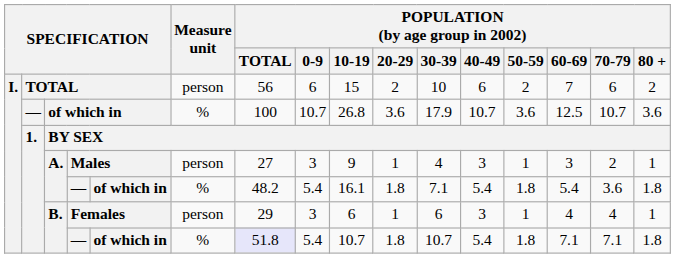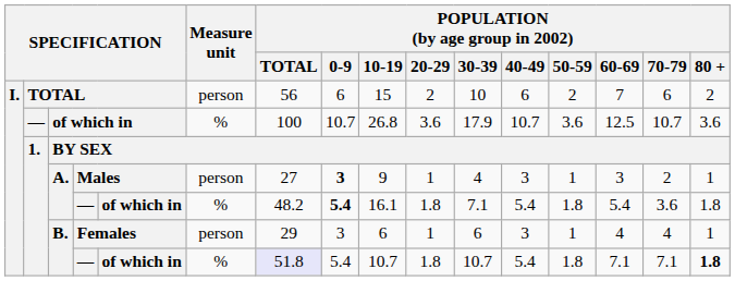 <table class="wikitable" style="font-size:85%; text-align:center">
 <tr>
 <th rowspan="2" colspan="5">SPECIFICATION</th>
 <th rowspan="2">Measure<br> unit</th>
 <th colspan="10" rowspan="1">POPULATION<br> (by age group in 2002)</th>
 </tr>
 <tr>
 <th>TOTAL</th>
 <th>0-9</th>
 <th>10-19</th>
 <th>20-29</th>
 <th>30-39</th>
 <th>40-49</th>
 <th>50-59</th>
 <th>60-69</th>
 <th>70-79</th>
 <th>80 +</th>
 </tr>
 <tr>
 <th style="text-align:left" valign="top" rowspan="7">I.</th>
 <th style="text-align:left" colspan="4">TOTAL</th>
 <td>person</td>
 <td>56</td>
 <td>6</td>
 <td>15</td>
 <td>2</td>
 <td>10</td>
 <td>6</td>
 <td>2</td>
 <td>7</td>
 <td>6</td>
 <td>2</td>
 </tr>
 <tr>
 <th style="text-align:left" valign="top">—</th>
 <th style="text-align:left" colspan="3">of which in</th>
 <td>%</td>
 <td>100</td>
 <td>10.7</td>
 <td>26.8</td>
 <td>3.6</td>
 <td>17.9</td>
 <td>10.7</td>
 <td>3.6</td>
 <td>12.5</td>
 <td>10.7</td>
 <td>3.6</td>
 </tr>
 <tr>
 <th style="text-align:left" valign="top" rowspan="5">1.</th>
 <th style="text-align:left" colspan="14">BY SEX</th>
 </tr>
 <tr>
 <th style="text-align:left" valign="top" rowspan="2">A.</th>
 <th style="text-align:left" colspan="2">Males</th>
 <td>person</td>
 <td>27</td>
-<td>3</td>
+<td><strong>3</strong></td>
 <td>9</td>
 <td>1</td>
 <td>4</td>
 <td>3</td>
 <td>1</td>
 <td>3</td>
 <td>2</td>
 <td>1</td>
 </tr>
 <tr>
 <th style="text-align:left" valign="top">—</th>
 <th style="text-align:left" colspan="1">of which in</th>
 <td>%</td>
 <td>48.2</td>
-<td>5.4</td>
+<td><strong>5.4</strong></td>
 <td>16.1</td>
 <td>1.8</td>
 <td>7.1</td>
 <td>5.4</td>
 <td>1.8</td>
 <td>5.4</td>
 <td>3.6</td>
 <td>1.8</td>
 </tr>
 <tr>
 <th style="text-align:left" valign="top" rowspan="2">B.</th>
 <th style="text-align:left" colspan="2">Females</th>
 <td>person</td>
 <td>29</td>
 <td>3</td>
 <td>6</td>
 <td>1</td>
 <td>6</td>
 <td>3</td>
 <td>1</td>
 <td>4</td>
 <td>4</td>
 <td>1</td>
 </tr>
 <tr>
 <th style="text-align:left" valign="top">—</th>
 <th style="text-align:left" colspan="1">of which in</th>
 <td>%</td>
 <td style="background: lavender;">51.8</td>
 <td>5.4</td>
 <td>10.7</td>
 <td>1.8</td>
 <td>10.7</td>
 <td>5.4</td>
 <td>1.8</td>
 <td>7.1</td>
 <td>7.1</td>
-<td>1.8</td>
+<td><strong>1.8</strong></td>
 </tr>
 </table>
